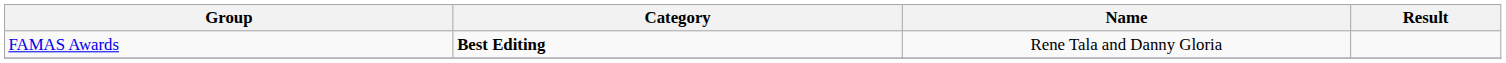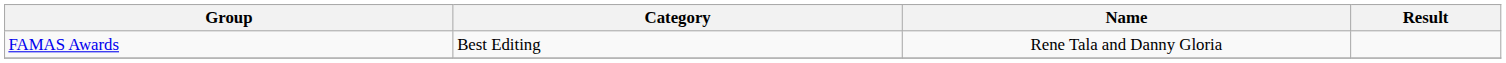 <table | width="90%" class="wikitable sortable">
 <tr>
 <th width="30%">Group</th>
 <th width="30%">Category</th>
 <th width="30%">Name</th>
 <th width="10%">Result</th>
 </tr>
 <tr>
 <td align="left"><a href='#'>FAMAS Awards</a></td>
-<td><strong>Best Editing</strong></td>
+<td>Best Editing</td>
 <td align="center">Rene Tala and Danny Gloria</td>
 <td></td>
 </tr>
 <tr>
 </tr>
 </table>
